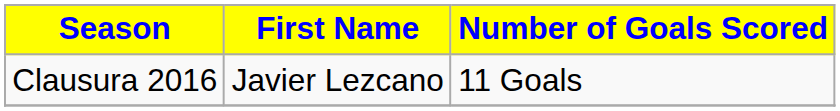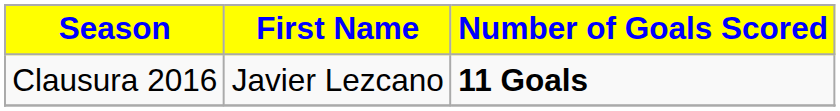 <table class="wikitable">
 <tr>
 <th style="color:Blue; background:#FFFF00;">Season</th>
 <th style="color:Blue; background:#FFFF00;">First Name</th>
 <th style="color:Blue; background:#FFFF00;">Number of Goals Scored</th>
 </tr>
 <tr>
 <td>Clausura 2016</td>
 <td> Javier Lezcano</td>
-<td>11 Goals</td>
+<td><strong>11 Goals</strong></td>
 </tr>
 <tr>
 </tr>
 <tr>
 </tr>
 </table>
